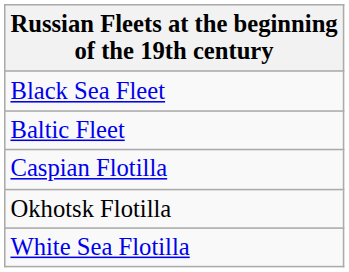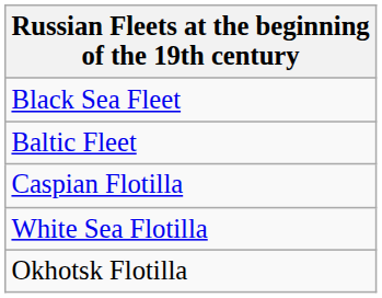 <table class="wikitable sortable">
 <tr>
 <th>Russian Fleets at the beginning<br>of the 19th century</th>
 </tr>
 <tr>
 <td><a href='#'>Black Sea Fleet</a></td>
 </tr>
 <tr>
 <td><a href='#'>Baltic Fleet</a></td>
 </tr>
 <tr>
 <td><a href='#'>Caspian Flotilla</a></td>
 </tr>
 <tr>
+<td><a href='#'>White Sea Flotilla</a></td>
+</tr>
+<tr>
 <td>Okhotsk Flotilla</td>
 </tr>
-<tr>
-<td><a href='#'>White Sea Flotilla</a></td>
-</tr>
 </table>
